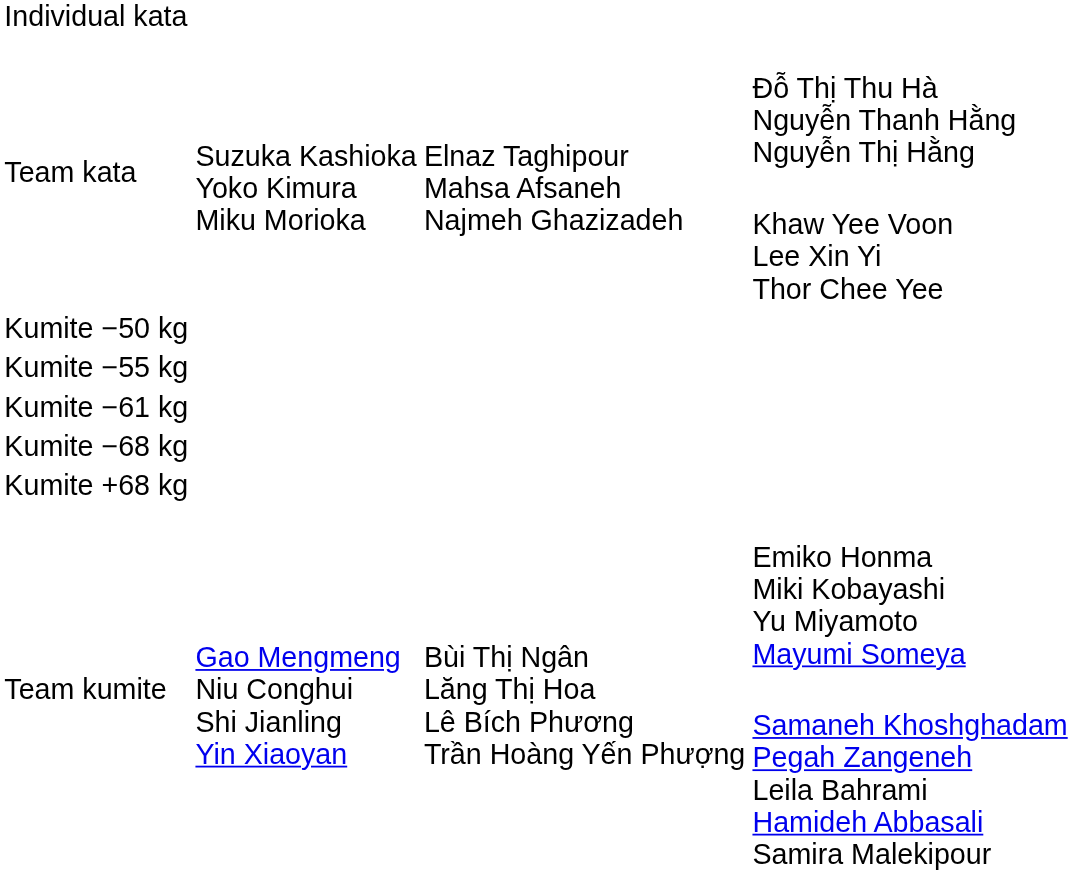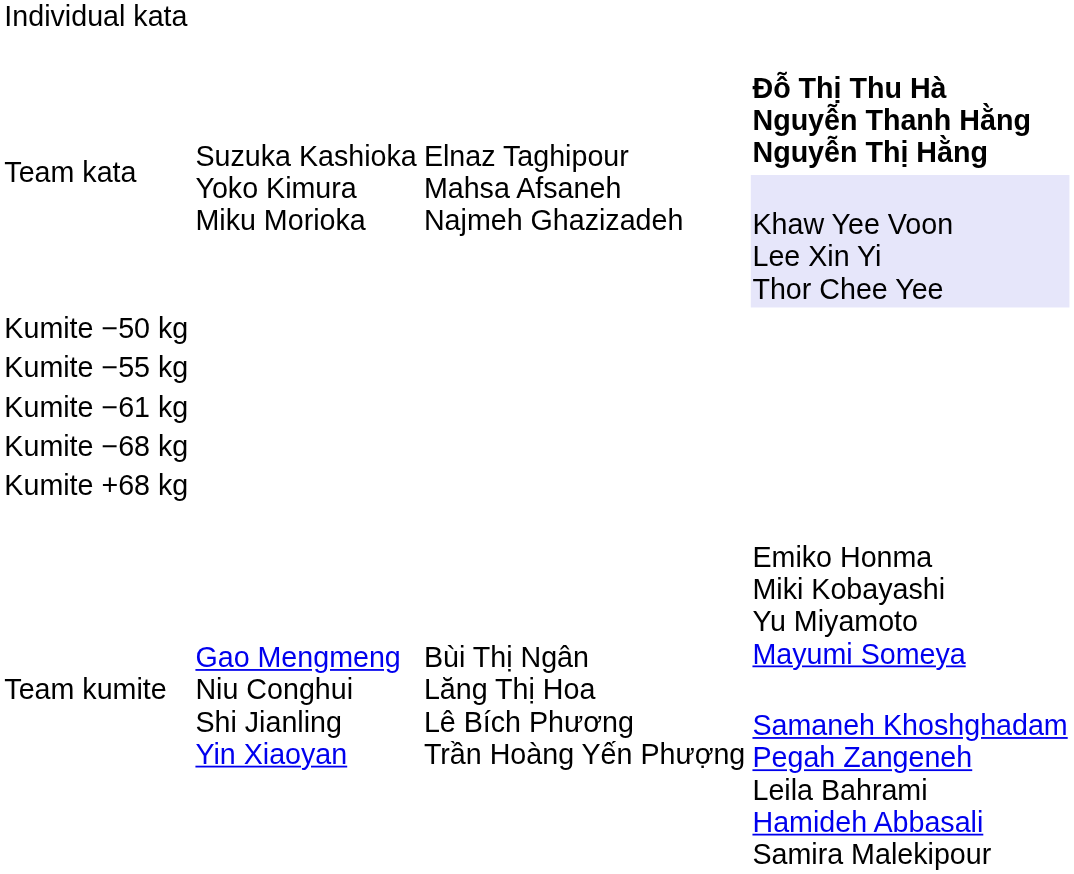 <table>
 <tr>
 <td rowspan=2>Individual kata</td>
 <td rowspan=2></td>
 <td rowspan=2></td>
 <td></td>
 </tr>
 <tr>
 <td></td>
 </tr>
 <tr>
 <td rowspan=2>Team kata</td>
 <td rowspan=2><br>Suzuka Kashioka<br>Yoko Kimura<br>Miku Morioka</td>
 <td rowspan=2><br>Elnaz Taghipour<br>Mahsa Afsaneh<br>Najmeh Ghazizadeh</td>
-<td><br>Đỗ Thị Thu Hà<br>Nguyễn Thanh Hằng<br>Nguyễn Thị Hằng</td>
+<td><strong><br>Đỗ Thị Thu Hà<br>Nguyễn Thanh Hằng<br>Nguyễn Thị Hằng</strong></td>
 </tr>
 <tr>
-<td><br>Khaw Yee Voon<br>Lee Xin Yi<br>Thor Chee Yee</td>
+<td style="background: lavender;"><br>Khaw Yee Voon<br>Lee Xin Yi<br>Thor Chee Yee</td>
 </tr>
 <tr>
 <td rowspan=2>Kumite −50 kg</td>
 <td rowspan=2></td>
 <td rowspan=2></td>
 <td></td>
 </tr>
 <tr>
 <td></td>
 </tr>
 <tr>
 <td rowspan=2>Kumite −55 kg</td>
 <td rowspan=2></td>
 <td rowspan=2></td>
 <td></td>
 </tr>
 <tr>
 <td></td>
 </tr>
 <tr>
 <td rowspan=2>Kumite −61 kg</td>
 <td rowspan=2></td>
 <td rowspan=2></td>
 <td></td>
 </tr>
 <tr>
 <td></td>
 </tr>
 <tr>
 <td rowspan=2>Kumite −68 kg</td>
 <td rowspan=2></td>
 <td rowspan=2></td>
 <td></td>
 </tr>
 <tr>
 <td></td>
 </tr>
 <tr>
 <td rowspan=2>Kumite +68 kg</td>
 <td rowspan=2></td>
 <td rowspan=2></td>
 <td></td>
 </tr>
 <tr>
 <td></td>
 </tr>
 <tr>
 <td rowspan=2>Team kumite</td>
 <td rowspan=2><br><a href='#'>Gao Mengmeng</a><br>Niu Conghui<br>Shi Jianling<br><a href='#'>Yin Xiaoyan</a></td>
 <td rowspan=2><br>Bùi Thị Ngân<br>Lăng Thị Hoa<br>Lê Bích Phương<br>Trần Hoàng Yến Phượng</td>
 <td><br>Emiko Honma<br>Miki Kobayashi<br>Yu Miyamoto<br><a href='#'>Mayumi Someya</a></td>
 </tr>
 <tr>
 <td><br><a href='#'>Samaneh Khoshghadam</a><br><a href='#'>Pegah Zangeneh</a><br>Leila Bahrami<br><a href='#'>Hamideh Abbasali</a><br>Samira Malekipour</td>
 </tr>
 </table>
